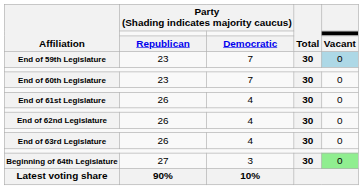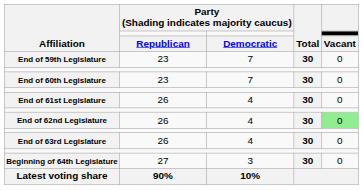 <table class=wikitable style="text-align:center">
 <tr style="vertical-align:bottom;">
 <th rowspan=3>Affiliation</th>
 <th colspan=2>Party <div>(Shading indicates majority caucus)</div></th>
 <th rowspan=3>Total</th>
 <th></th>
 </tr>
 <tr -style="height:5px">
 <td style="background-color:"></td>
 <td style="background-color:"></td>
 <td style="background-color:black"></td>
 </tr>
 <tr>
 <th><a href='#'>Republican</a></th>
 <th><a href='#'>Democratic</a></th>
 <th>Vacant</th>
 </tr>
 <tr>
 <th nowrap style="font-size:80%">End of 59th Legislature</th>
 <td>23</td>
 <td>7</td>
 <th>30</th>
-<td style="background: lightblue;">0</td>
+<td>0</td>
 </tr>
 <tr>
 <td colspan=5></td>
 </tr>
 <tr>
 <th nowrap style="font-size:80%">End of 60th Legislature</th>
 <td>23</td>
 <td>7</td>
 <th>30</th>
 <td>0</td>
 </tr>
 <tr>
 <td colspan=5></td>
 </tr>
 <tr>
 <th nowrap style="font-size:80%">End of 61st Legislature</th>
 <td>26</td>
 <td>4</td>
 <th>30</th>
 <td>0</td>
 </tr>
 <tr>
 <td colspan=5></td>
 </tr>
 <tr>
 <th nowrap style="font-size:80%">End of 62nd Legislature</th>
 <td>26</td>
 <td>4</td>
 <th>30</th>
-<td>0</td>
+<td style="background: lightgreen;">0</td>
 </tr>
 <tr>
 <td colspan=5></td>
 </tr>
 <tr>
 <th nowrap style="font-size:80%">End of 63rd Legislature</th>
 <td>26</td>
 <td>4</td>
 <th>30</th>
 <td>0</td>
 </tr>
 <tr>
 <td colspan=5></td>
 </tr>
 <tr>
 <th nowrap style="font-size:80%">Beginning of 64th Legislature</th>
 <td>27</td>
 <td>3</td>
 <th>30</th>
-<td style="background: lightgreen;">0</td>
+<td>0</td>
 </tr>
 <tr>
 <th>Latest voting share</th>
 <th>90% </th>
 <th>10%</th>
 <th colspan=2></th>
 </tr>
 </table>
